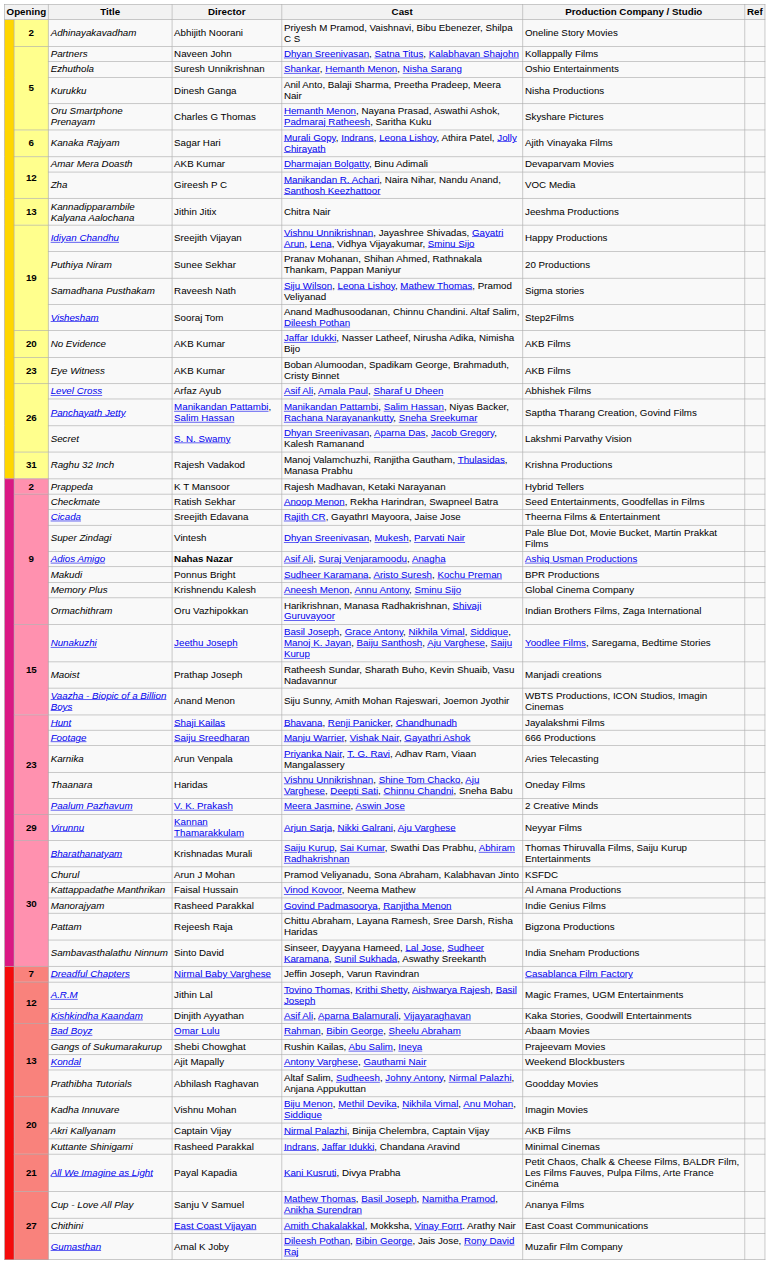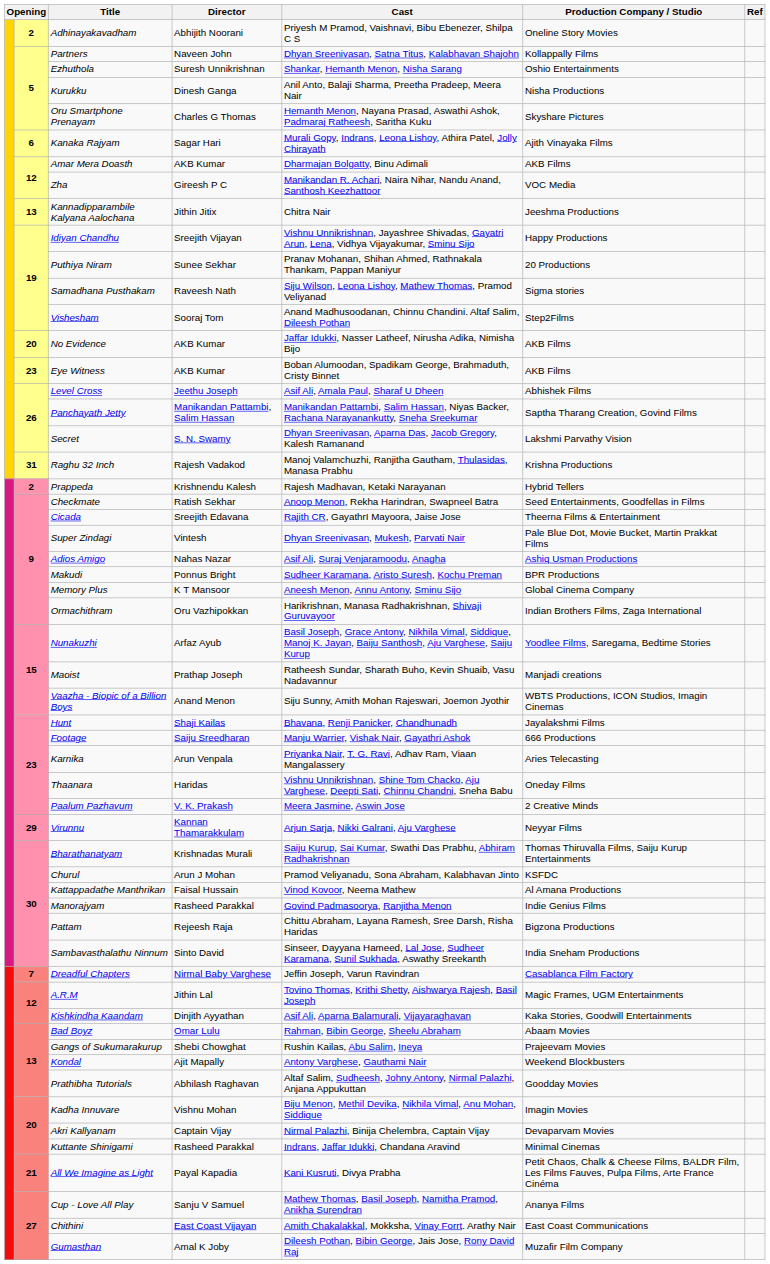 <table class="wikitable sortable">
 <tr>
 <th colspan="2" class="unsortable">Opening</th>
 <th>Title</th>
 <th>Director</th>
 <th>Cast</th>
 <th>Production Company / Studio</th>
 <th>Ref</th>
 </tr>
 <tr>
 <td rowspan="19" style="text-align:center; background:#FFD600; textcolor:#000;"><strong></strong></td>
 <td rowspan="1" style="text-align:center;background:#FFFF8D;"><strong>2</strong></td>
 <td><em>Adhinayakavadham</em></td>
 <td>Abhijith  Noorani</td>
 <td>Priyesh M Pramod, Vaishnavi, Bibu Ebenezer, Shilpa C S</td>
 <td>Oneline Story Movies</td>
 <td></td>
 </tr>
 <tr>
 <td rowspan="4" style="text-align:center;background:#FFFF8D;"><strong>5</strong></td>
 <td><em>Partners</em></td>
 <td>Naveen John</td>
 <td><a href='#'>Dhyan Sreenivasan</a>, <a href='#'>Satna Titus</a>, <a href='#'>Kalabhavan Shajohn</a></td>
 <td>Kollappally Films</td>
 <td></td>
 </tr>
 <tr>
 <td><em>Ezhuthola</em></td>
 <td>Suresh Unnikrishnan</td>
 <td><a href='#'>Shankar</a>, <a href='#'>Hemanth Menon</a>, <a href='#'>Nisha Sarang</a></td>
 <td>Oshio Entertainments</td>
 <td></td>
 </tr>
 <tr>
 <td><em>Kurukku</em></td>
 <td>Dinesh Ganga</td>
 <td>Anil Anto, Balaji Sharma, Preetha Pradeep, Meera Nair</td>
 <td>Nisha Productions</td>
 <td></td>
 </tr>
 <tr>
 <td><em>Oru Smartphone Prenayam</em></td>
 <td>Charles G Thomas</td>
 <td><a href='#'>Hemanth Menon</a>, Nayana Prasad, Aswathi Ashok, <a href='#'>Padmaraj Ratheesh</a>, Saritha Kuku</td>
 <td>Skyshare Pictures</td>
 <td></td>
 </tr>
 <tr>
 <td rowspan="1" style="text-align:center;background:#FFFF8D;"><strong>6</strong></td>
 <td><em>Kanaka Rajyam</em></td>
 <td>Sagar Hari</td>
 <td><a href='#'>Murali Gopy</a>, <a href='#'>Indrans</a>, <a href='#'>Leona Lishoy</a>, Athira Patel, <a href='#'>Jolly Chirayath</a></td>
 <td>Ajith Vinayaka Films</td>
 <td></td>
 </tr>
 <tr>
 <td rowspan="2" style="text-align:center;background:#FFFF8D;"><strong>12</strong></td>
 <td><em>Amar Mera Doasth</em></td>
 <td>AKB Kumar</td>
 <td><a href='#'>Dharmajan Bolgatty</a>, Binu Adimali</td>
-<td>Devaparvam Movies</td>
+<td>AKB Films</td>
 <td></td>
 </tr>
 <tr>
 <td><em>Zha</em></td>
 <td>Gireesh P C</td>
 <td><a href='#'>Manikandan R. Achari</a>, Naira Nihar, Nandu Anand, <a href='#'>Santhosh Keezhattoor</a></td>
 <td>VOC Media</td>
 <td></td>
 </tr>
 <tr>
 <td rowspan="1" style="text-align:center;background:#FFFF8D;"><strong>13</strong></td>
 <td><em>Kannadipparambile Kalyana Aalochana</em></td>
 <td>Jithin Jitix</td>
 <td>Chitra Nair</td>
 <td>Jeeshma Productions</td>
 <td></td>
 </tr>
 <tr>
 <td rowspan="4" style="text-align:center;background:#FFFF8D;"><strong>19</strong></td>
 <td><em><a href='#'>Idiyan Chandhu</a></em></td>
 <td>Sreejith Vijayan</td>
 <td><a href='#'>Vishnu Unnikrishnan</a>, Jayashree Shivadas, <a href='#'>Gayatri Arun</a>, <a href='#'>Lena</a>, Vidhya Vijayakumar, <a href='#'>Sminu Sijo</a></td>
 <td>Happy Productions</td>
 <td></td>
 </tr>
 <tr>
 <td><em>Puthiya Niram</em></td>
 <td>Sunee Sekhar</td>
 <td>Pranav Mohanan, Shihan Ahmed, Rathnakala Thankam, Pappan Maniyur</td>
 <td>20 Productions</td>
 <td></td>
 </tr>
 <tr>
 <td><em>Samadhana Pusthakam</em></td>
 <td>Raveesh Nath</td>
 <td><a href='#'>Siju Wilson</a>, <a href='#'>Leona Lishoy</a>, <a href='#'>Mathew Thomas</a>, Pramod Veliyanad</td>
 <td>Sigma stories</td>
 <td></td>
 </tr>
 <tr>
 <td><em><a href='#'>Vishesham</a></em></td>
 <td>Sooraj Tom</td>
 <td>Anand Madhusoodanan, Chinnu Chandini. Altaf Salim, <a href='#'>Dileesh Pothan</a></td>
 <td>Step2Films</td>
 <td></td>
 </tr>
 <tr>
 <td rowspan="1" style="text-align:center;background:#FFFF8D;"><strong>20</strong></td>
 <td><em>No Evidence</em></td>
 <td>AKB Kumar</td>
 <td><a href='#'>Jaffar Idukki</a>, Nasser Latheef, Nirusha Adika, Nimisha Bijo</td>
 <td>AKB Films</td>
 <td></td>
 </tr>
 <tr>
 <td rowspan="1" style="text-align:center;background:#FFFF8D;"><strong>23</strong></td>
 <td><em>Eye Witness</em></td>
 <td>AKB Kumar</td>
 <td>Boban Alumoodan, Spadikam George, Brahmaduth, Cristy Binnet</td>
 <td>AKB Films</td>
 <td></td>
 </tr>
 <tr>
 <td rowspan="3" style="text-align:center;background:#FFFF8D;"><strong>26</strong></td>
 <td><em><a href='#'>Level Cross</a></em></td>
-<td>Arfaz Ayub</td>
+<td><a href='#'>Jeethu Joseph</a></td>
 <td><a href='#'>Asif Ali</a>, <a href='#'>Amala Paul</a>, <a href='#'>Sharaf U Dheen</a></td>
 <td>Abhishek Films</td>
 <td></td>
 </tr>
 <tr>
 <td><em><a href='#'>Panchayath Jetty</a></em></td>
 <td><a href='#'>Manikandan Pattambi</a>, <a href='#'>Salim Hassan</a></td>
 <td><a href='#'>Manikandan Pattambi</a>, <a href='#'>Salim Hassan</a>, Niyas Backer, <a href='#'>Rachana Narayanankutty</a>, <a href='#'>Sneha Sreekumar</a></td>
 <td>Saptha Tharang Creation, Govind Films</td>
 <td></td>
 </tr>
 <tr>
 <td><em>Secret</em></td>
 <td><a href='#'>S. N. Swamy</a></td>
 <td><a href='#'>Dhyan Sreenivasan</a>, <a href='#'>Aparna Das</a>, <a href='#'>Jacob Gregory</a>, Kalesh Ramanand</td>
 <td>Lakshmi Parvathy Vision</td>
 <td></td>
 </tr>
 <tr>
 <td rowspan="1" style="text-align:center;background:#FFFF8D;"><strong>31</strong></td>
 <td><em>Raghu 32 Inch</em></td>
 <td>Rajesh Vadakod</td>
 <td>Manoj Valamchuzhi, Ranjitha Gautham, <a href='#'>Thulasidas</a>, Manasa Prabhu</td>
 <td>Krishna Productions</td>
 <td></td>
 </tr>
 <tr>
 <td rowspan="23" style="text-align:center;background:#DA1884; textcolor:#000;"><strong></strong></td>
 <td rowspan="1" style="text-align:center;background:#FF91AF;"><strong>2</strong></td>
 <td><em>Prappeda</em></td>
-<td>K T Mansoor</td>
+<td>Krishnendu Kalesh</td>
 <td>Rajesh Madhavan, Ketaki Narayanan</td>
 <td>Hybrid Tellers</td>
 <td></td>
 </tr>
 <tr>
 <td rowspan="7" style="text-align:center;background:#FF91AF;"><strong>9</strong></td>
 <td><em>Checkmate</em></td>
 <td>Ratish Sekhar</td>
 <td><a href='#'>Anoop Menon</a>,  Rekha Harindran, Swapneel Batra</td>
 <td>Seed Entertainments, Goodfellas in Films</td>
 <td></td>
 </tr>
 <tr>
 <td><em><a href='#'>Cicada</a></em></td>
 <td>Sreejith Edavana</td>
 <td><a href='#'>Rajith CR</a>, GayathrI Mayoora, Jaise Jose</td>
 <td>Theerna Films & Entertainment</td>
 <td></td>
 </tr>
 <tr>
 <td><em>Super Zindagi</em></td>
 <td>Vintesh</td>
 <td><a href='#'>Dhyan Sreenivasan</a>, <a href='#'>Mukesh</a>, <a href='#'>Parvati Nair</a></td>
 <td>Pale Blue Dot, Movie Bucket, Martin Prakkat Films</td>
 <td></td>
 </tr>
 <tr>
 <td><em><a href='#'>Adios Amigo</a></em></td>
-<td><strong>Nahas Nazar</strong></td>
+<td>Nahas Nazar</td>
 <td><a href='#'>Asif Ali</a>, <a href='#'>Suraj Venjaramoodu</a>, <a href='#'>Anagha</a></td>
 <td><a href='#'>Ashiq Usman Productions</a></td>
 <td></td>
 </tr>
 <tr>
 <td><em>Makudi</em></td>
 <td>Ponnus Bright</td>
 <td><a href='#'>Sudheer Karamana</a>, <a href='#'>Aristo Suresh</a>, <a href='#'>Kochu Preman</a></td>
 <td>BPR Productions</td>
 <td></td>
 </tr>
 <tr>
 <td><em>Memory Plus</em></td>
-<td>Krishnendu Kalesh</td>
+<td>K T Mansoor</td>
 <td><a href='#'>Aneesh Menon</a>, <a href='#'>Annu Antony</a>, <a href='#'>Sminu Sijo</a></td>
 <td>Global Cinema Company</td>
 <td></td>
 </tr>
 <tr>
 <td><em>Ormachithram</em></td>
 <td>Oru Vazhipokkan</td>
 <td>Harikrishnan, Manasa Radhakrishnan, <a href='#'>Shivaji Guruvayoor</a></td>
 <td>Indian Brothers Films, Zaga International</td>
 <td></td>
 </tr>
 <tr>
 <td rowspan="3" style="text-align:center;background:#FF91AF;"><strong>15</strong></td>
 <td><em><a href='#'>Nunakuzhi</a></em></td>
-<td><a href='#'>Jeethu Joseph</a></td>
+<td>Arfaz Ayub</td>
 <td><a href='#'>Basil Joseph</a>, <a href='#'>Grace Antony</a>, <a href='#'>Nikhila Vimal</a>, <a href='#'>Siddique</a>, <a href='#'>Manoj K. Jayan</a>, <a href='#'>Baiju Santhosh</a>, <a href='#'>Aju Varghese</a>, <a href='#'>Saiju Kurup</a></td>
 <td><a href='#'>Yoodlee Films</a>, Saregama, Bedtime Stories</td>
 <td></td>
 </tr>
 <tr>
 <td><em>Maoist</em></td>
 <td>Prathap Joseph</td>
 <td>Ratheesh Sundar, Sharath Buho, Kevin Shuaib, Vasu Nadavannur</td>
 <td>Manjadi creations</td>
 <td></td>
 </tr>
 <tr>
 <td><em><a href='#'>Vaazha - Biopic of a Billion Boys</a></em></td>
 <td>Anand Menon</td>
 <td>Siju Sunny, Amith Mohan Rajeswari, Joemon Jyothir</td>
 <td>WBTS Productions, ICON Studios, Imagin Cinemas</td>
 <td></td>
 </tr>
 <tr>
 <td rowspan="5" style="text-align:center;background:#FF91AF;"><strong>23</strong></td>
 <td><em><a href='#'>Hunt</a></em></td>
 <td><a href='#'>Shaji Kailas</a></td>
 <td><a href='#'>Bhavana</a>, <a href='#'>Renji Panicker</a>, <a href='#'>Chandhunadh</a></td>
 <td>Jayalakshmi Films</td>
 <td></td>
 </tr>
 <tr>
 <td><em><a href='#'>Footage</a></em></td>
 <td><a href='#'>Saiju Sreedharan</a></td>
 <td><a href='#'>Manju Warrier</a>, <a href='#'>Vishak Nair</a>, <a href='#'>Gayathri Ashok</a></td>
 <td>666 Productions</td>
 <td></td>
 </tr>
 <tr>
 <td><em>Karnika</em></td>
 <td>Arun Venpala</td>
 <td><a href='#'>Priyanka Nair</a>, <a href='#'>T. G. Ravi</a>, Adhav Ram, Viaan Mangalassery</td>
 <td>Aries Telecasting</td>
 <td></td>
 </tr>
 <tr>
 <td><em>Thaanara</em></td>
 <td>Haridas</td>
 <td><a href='#'>Vishnu Unnikrishnan</a>, <a href='#'>Shine Tom Chacko</a>, <a href='#'>Aju Varghese</a>, <a href='#'>Deepti Sati</a>, <a href='#'>Chinnu Chandni</a>, Sneha Babu</td>
 <td>Oneday Films</td>
 <td></td>
 </tr>
 <tr>
 <td><em><a href='#'>Paalum Pazhavum</a></em></td>
 <td><a href='#'>V. K. Prakash</a></td>
 <td><a href='#'>Meera Jasmine</a>, <a href='#'>Aswin Jose</a></td>
 <td>2 Creative Minds</td>
 <td></td>
 </tr>
 <tr>
 <td rowspan="1" style="text-align:center;background:#FF91AF;"><strong>29</strong></td>
 <td><em><a href='#'>Virunnu</a></em></td>
 <td><a href='#'>Kannan Thamarakkulam</a></td>
 <td><a href='#'>Arjun Sarja</a>, <a href='#'>Nikki Galrani</a>, <a href='#'>Aju Varghese</a></td>
 <td>Neyyar Films</td>
 <td></td>
 </tr>
 <tr>
 <td rowspan="6" style="text-align:center;background:#FF91AF;"><strong>30</strong></td>
 <td><em><a href='#'>Bharathanatyam</a></em></td>
 <td>Krishnadas Murali</td>
 <td><a href='#'>Saiju Kurup</a>, <a href='#'>Sai Kumar</a>, Swathi Das Prabhu, <a href='#'>Abhiram Radhakrishnan</a></td>
 <td>Thomas Thiruvalla Films, Saiju Kurup Entertainments</td>
 <td></td>
 </tr>
 <tr>
 <td><em>Churul</em></td>
 <td>Arun J Mohan</td>
 <td>Pramod Veliyanadu, Sona Abraham, Kalabhavan Jinto</td>
 <td>KSFDC</td>
 <td></td>
 </tr>
 <tr>
 <td><em>Kattappadathe Manthrikan</em></td>
 <td>Faisal Hussain</td>
 <td><a href='#'>Vinod Kovoor</a>, Neema Mathew</td>
 <td>Al Amana Productions</td>
 <td></td>
 </tr>
 <tr>
 <td><em>Manorajyam</em></td>
 <td>Rasheed Parakkal</td>
 <td><a href='#'>Govind Padmasoorya</a>, <a href='#'>Ranjitha Menon</a></td>
 <td>Indie Genius Films</td>
 <td></td>
 </tr>
 <tr>
 <td><em>Pattam</em></td>
 <td>Rejeesh Raja</td>
 <td>Chittu Abraham, Layana Ramesh, Sree Darsh, Risha Haridas</td>
 <td>Bigzona Productions</td>
 <td></td>
 </tr>
 <tr>
 <td><em>Sambavasthalathu Ninnum</em></td>
 <td>Sinto David</td>
 <td>Sinseer, Dayyana Hameed, <a href='#'>Lal Jose</a>, <a href='#'>Sudheer Karamana</a>, <a href='#'>Sunil Sukhada</a>, Aswathy Sreekanth</td>
 <td>India Sneham Productions</td>
 <td></td>
 </tr>
 <tr September>
 <td rowspan="14" style="text-align:center;background:#f40b0b; textcolor:#000;"><strong></strong></td>
 <td rowspan="1" style="text-align:center;background:#f9827c;"><strong>7</strong></td>
 <td><em><a href='#'>Dreadful Chapters</a></em></td>
 <td><a href='#'>Nirmal Baby Varghese</a></td>
 <td>Jeffin Joseph, Varun Ravindran</td>
 <td><a href='#'>Casablanca Film Factory</a></td>
 <td></td>
 </tr>
 <tr>
 <td rowspan="2" style="text-align:center;background:#f9827c;"><strong>12</strong></td>
 <td><em><a href='#'>A.R.M</a></em></td>
 <td>Jithin Lal</td>
 <td><a href='#'>Tovino Thomas</a>, <a href='#'>Krithi Shetty</a>, <a href='#'>Aishwarya Rajesh</a>, <a href='#'>Basil Joseph</a></td>
 <td>Magic Frames, UGM Entertainments</td>
 <td></td>
 </tr>
 <tr>
 <td><em><a href='#'>Kishkindha Kaandam</a></em></td>
 <td>Dinjith Ayyathan</td>
 <td><a href='#'>Asif Ali</a>, <a href='#'>Aparna Balamurali</a>, <a href='#'>Vijayaraghavan</a></td>
 <td>Kaka Stories, Goodwill Entertainments</td>
 <td></td>
 </tr>
 <tr>
 <td rowspan="4" style="text-align:center;background:#f9827c;"><strong>13</strong></td>
 <td><em><a href='#'>Bad Boyz</a></em></td>
 <td><a href='#'>Omar Lulu</a></td>
 <td><a href='#'>Rahman</a>, <a href='#'>Bibin George</a>, <a href='#'>Sheelu Abraham</a></td>
 <td>Abaam Movies</td>
 <td></td>
 </tr>
 <tr>
 <td><em>Gangs of Sukumarakurup</em></td>
 <td>Shebi Chowghat</td>
 <td>Rushin Kailas, <a href='#'>Abu Salim</a>, <a href='#'>Ineya</a></td>
 <td>Prajeevam Movies</td>
 <td></td>
 </tr>
 <tr>
 <td><em><a href='#'>Kondal</a></em></td>
 <td>Ajit Mapally</td>
 <td><a href='#'>Antony Varghese</a>, <a href='#'>Gauthami Nair</a></td>
 <td>Weekend Blockbusters</td>
 <td></td>
 </tr>
 <tr>
 <td><em>Prathibha Tutorials</em></td>
 <td>Abhilash Raghavan</td>
 <td>Altaf Salim, <a href='#'>Sudheesh</a>, <a href='#'>Johny Antony</a>, <a href='#'>Nirmal Palazhi</a>, Anjana Appukuttan</td>
 <td>Goodday Movies</td>
 <td></td>
 </tr>
 <tr>
 <td rowspan="3" style="text-align:center;background:#f9827c;"><strong>20</strong></td>
 <td><em>Kadha Innuvare</em></td>
 <td>Vishnu Mohan</td>
 <td><a href='#'>Biju Menon</a>, <a href='#'>Methil Devika</a>, <a href='#'>Nikhila Vimal</a>, <a href='#'>Anu Mohan</a>, <a href='#'>Siddique</a></td>
 <td>Imagin Movies</td>
 <td></td>
 </tr>
 <tr>
 <td><em>Akri Kallyanam</em></td>
 <td>Captain Vijay</td>
 <td><a href='#'>Nirmal Palazhi</a>, Binija Chelembra, Captain Vijay</td>
-<td>AKB Films</td>
+<td>Devaparvam Movies</td>
 <td></td>
 </tr>
 <tr>
 <td><em>Kuttante Shinigami</em></td>
 <td>Rasheed Parakkal</td>
 <td><a href='#'>Indrans</a>, <a href='#'>Jaffar Idukki</a>, Chandana Aravind</td>
 <td>Minimal Cinemas</td>
 <td></td>
 </tr>
 <tr>
 <td rowspan="1" style="text-align:center;background:#f9827c;"><strong>21</strong></td>
 <td><em><a href='#'>All We Imagine as Light</a></em></td>
 <td>Payal Kapadia</td>
 <td><a href='#'>Kani Kusruti</a>, Divya Prabha</td>
 <td>Petit Chaos, Chalk & Cheese Films, BALDR Film, Les Films Fauves, Pulpa Films, Arte France Cinéma</td>
 <td></td>
 </tr>
 <tr>
 <td rowspan="3" style="text-align:center;background:#f9827c;"><strong>27</strong></td>
 <td><em>Cup - Love All Play</em></td>
 <td>Sanju V Samuel</td>
 <td><a href='#'>Mathew Thomas</a>, <a href='#'>Basil Joseph</a>, <a href='#'>Namitha Pramod</a>, <a href='#'>Anikha Surendran</a></td>
 <td>Ananya Films</td>
 <td></td>
 </tr>
 <tr>
 <td><em>Chithini</em></td>
 <td><a href='#'>East Coast Vijayan</a></td>
 <td><a href='#'>Amith Chakalakkal</a>, Mokksha, <a href='#'>Vinay Forrt</a>. Arathy Nair</td>
 <td>East Coast Communications</td>
 <td></td>
 </tr>
 <tr>
 <td><em><a href='#'>Gumasthan</a></em></td>
 <td>Amal K Joby</td>
 <td><a href='#'>Dileesh Pothan</a>, <a href='#'>Bibin George</a>, Jais Jose, <a href='#'>Rony David Raj</a></td>
 <td>Muzafir Film Company</td>
 <td></td>
 </tr>
 </table>
